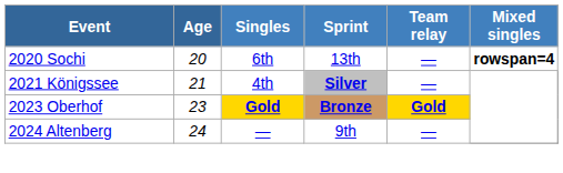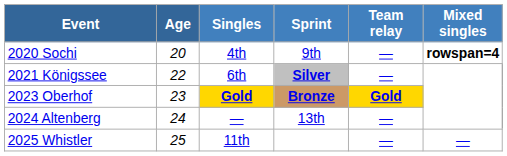 <table class="wikitable" style="font-size:95%; text-align:center; border:grey solid 1px; border-collapse:collapse; background:#ffffff;">
 <tr>
 <th style="background-color:#369; color:white; width:160px;">Event</th>
 <th style="background-color:#369; color:white; width:40px;">Age</th>
 <th style="background-color:#4180be; color:white; width:75px;">Singles</th>
 <th style="background-color:#4180be; color:white; width:75px;">Sprint</th>
 <th style="background-color:#4180be; color:white; width:75px;">Team relay</th>
 <th style="background-color:#4180be; color:white; width:75px;">Mixed singles</th>
 </tr>
 <tr>
 <td align=left> <a href='#'>2020 Sochi</a></td>
 <td><em>20</em></td>
-<td><a href='#'>6th</a></td>
-<td><a href='#'>13th</a></td>
+<td><a href='#'>4th</a></td>
+<td><a href='#'>9th</a></td>
 <td><a href='#'>—</a></td>
 <td><strong>rowspan=4 </strong></td>
 </tr>
 <tr>
 <td align=left> <a href='#'>2021 Königssee</a></td>
-<td><em>21</em></td>
-<td><a href='#'>4th</a></td>
+<td><em>22</em></td>
+<td><a href='#'>6th</a></td>
 <td style="background:silver;"><a href='#'><strong>Silver</strong></a></td>
 <td><a href='#'>—</a></td>
 </tr>
 <tr>
 <td align=left> <a href='#'>2023 Oberhof</a></td>
 <td><em>23</em></td>
 <td style="background:gold;"><a href='#'><strong>Gold</strong></a></td>
 <td style="background:#c96;"><a href='#'><strong>Bronze</strong></a></td>
 <td style="background:gold;"><a href='#'><strong>Gold</strong></a></td>
 </tr>
 <tr>
 <td align=left> <a href='#'>2024 Altenberg</a></td>
 <td><em>24</em></td>
 <td><a href='#'>—</a></td>
-<td><a href='#'>9th</a></td>
+<td><a href='#'>13th</a></td>
+<td><a href='#'>—</a></td>
+</tr>
+<tr>
+<td align=left> <a href='#'>2025 Whistler</a></td>
+<td><em>25</em></td>
+<td><a href='#'>11th</a></td>
+<td></td>
+<td><a href='#'>—</a></td>
 <td><a href='#'>—</a></td>
 </tr>
 </table>
